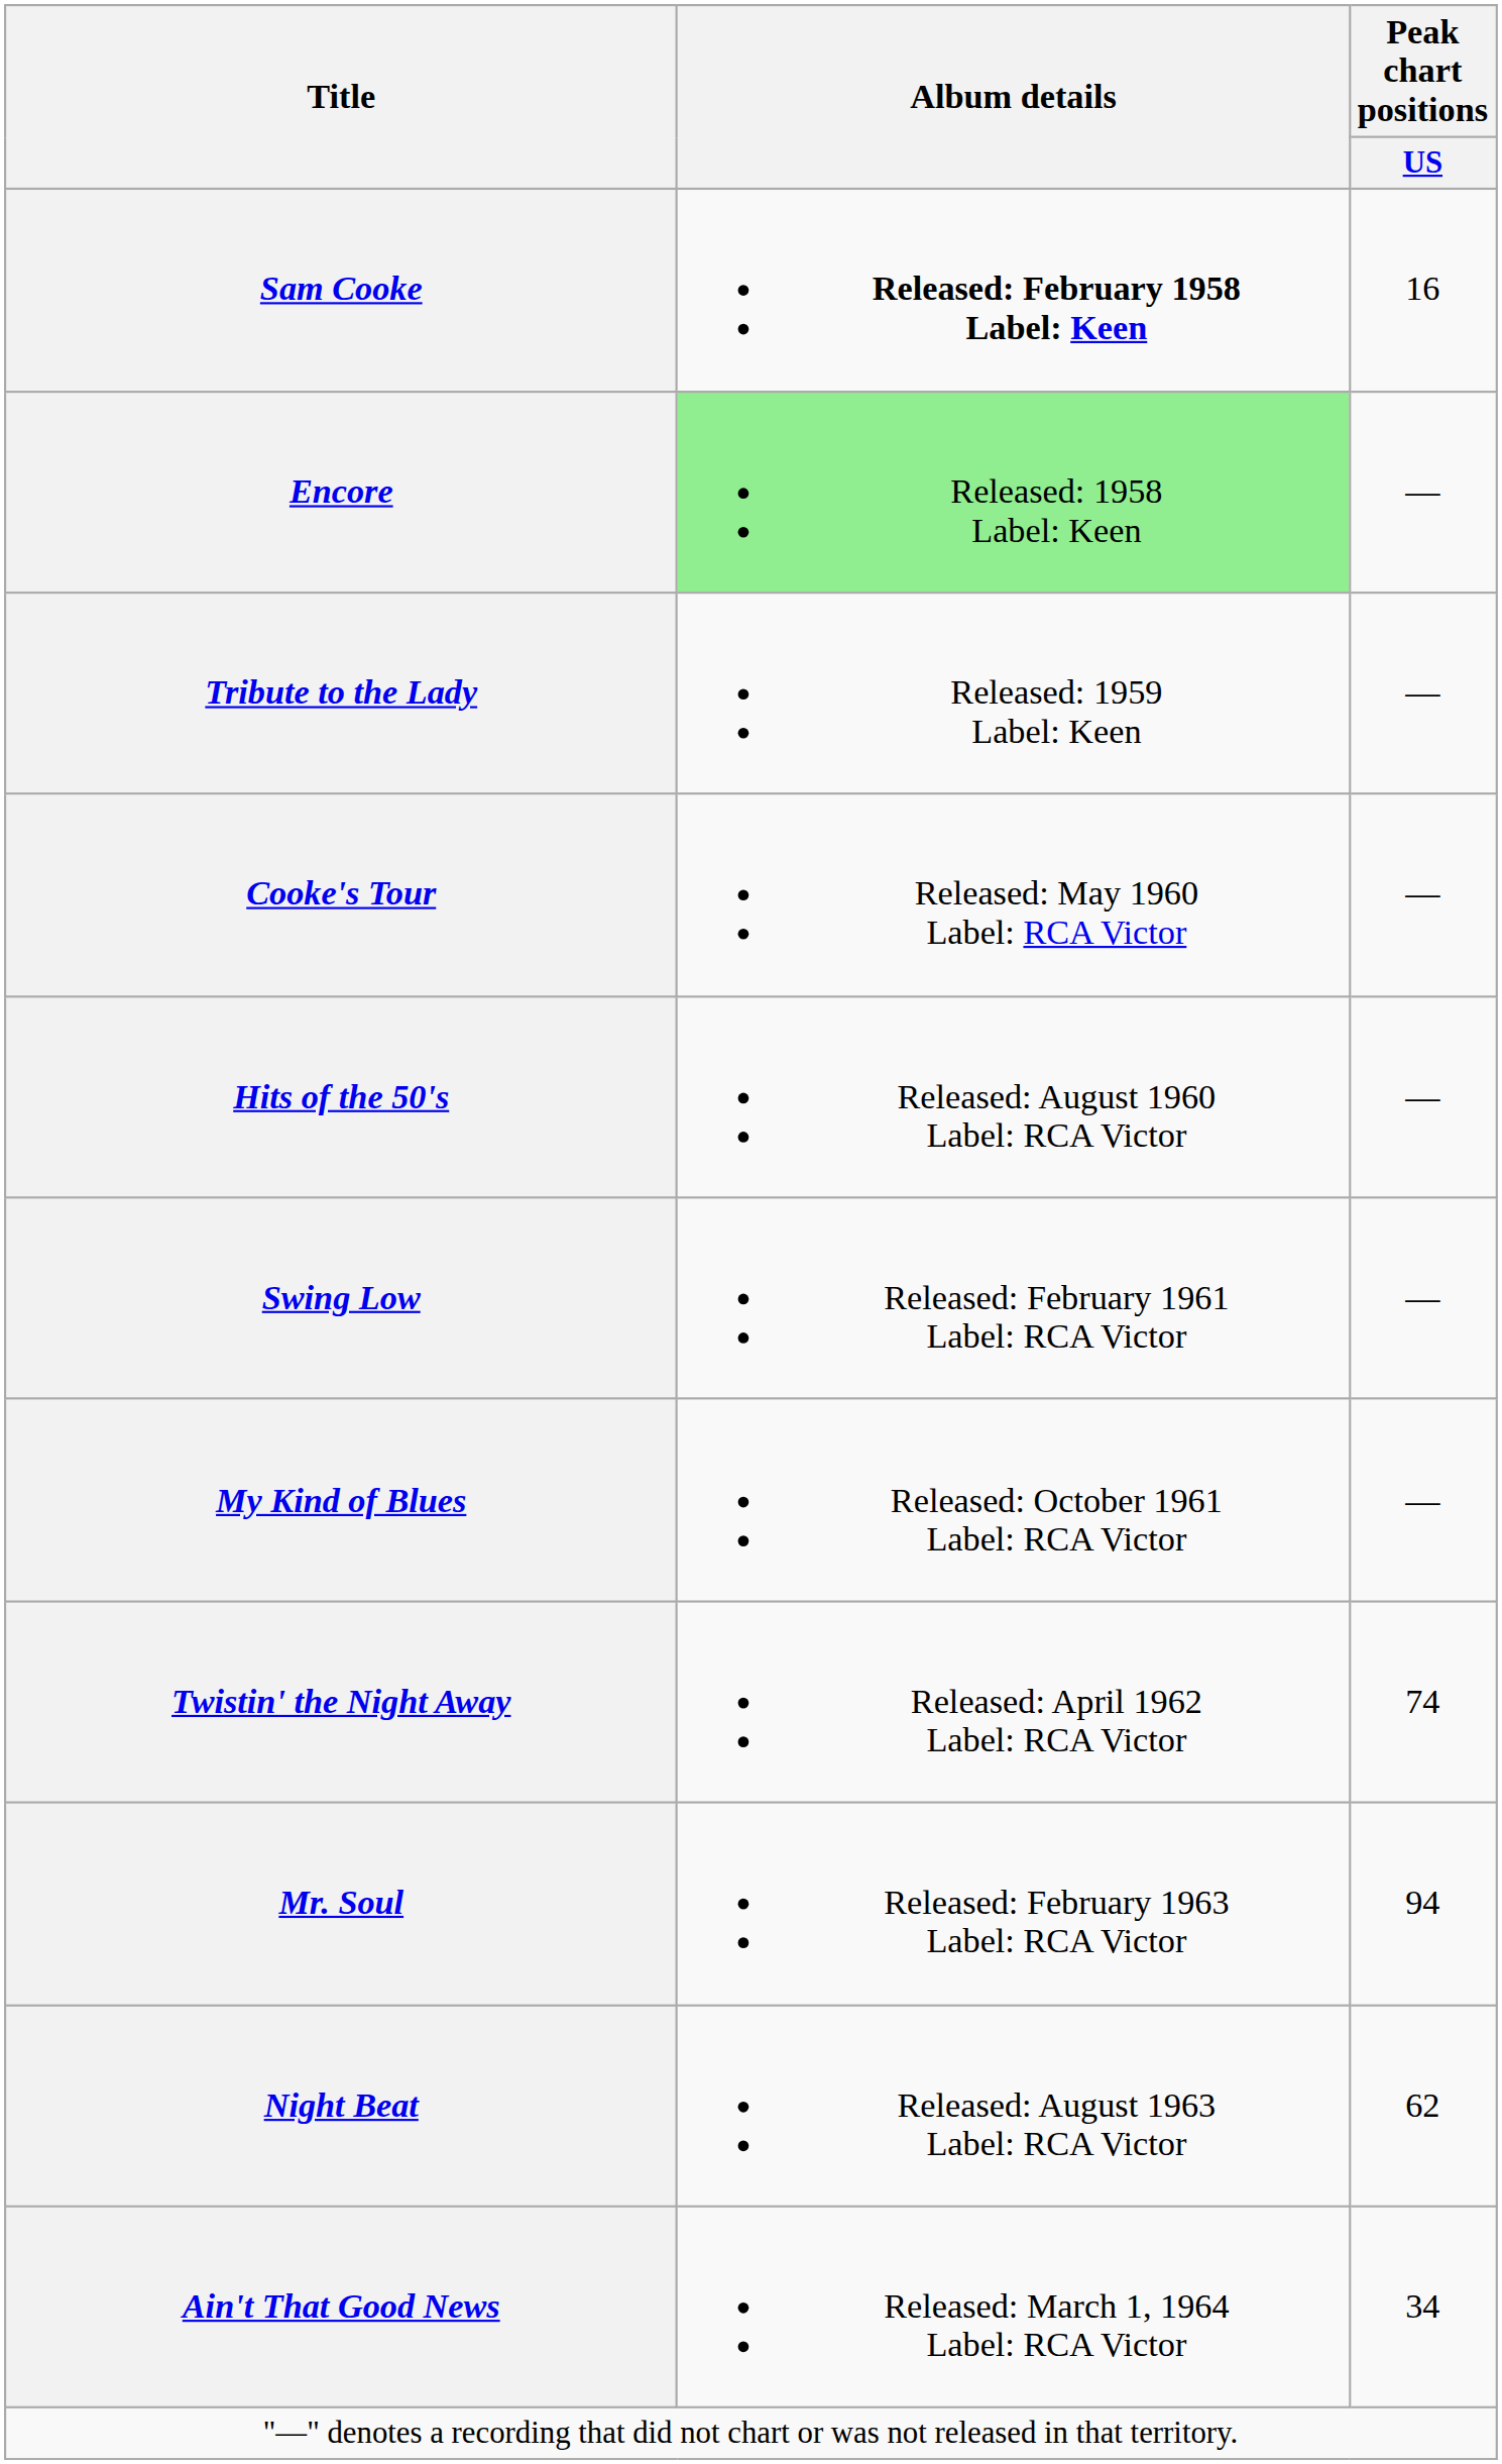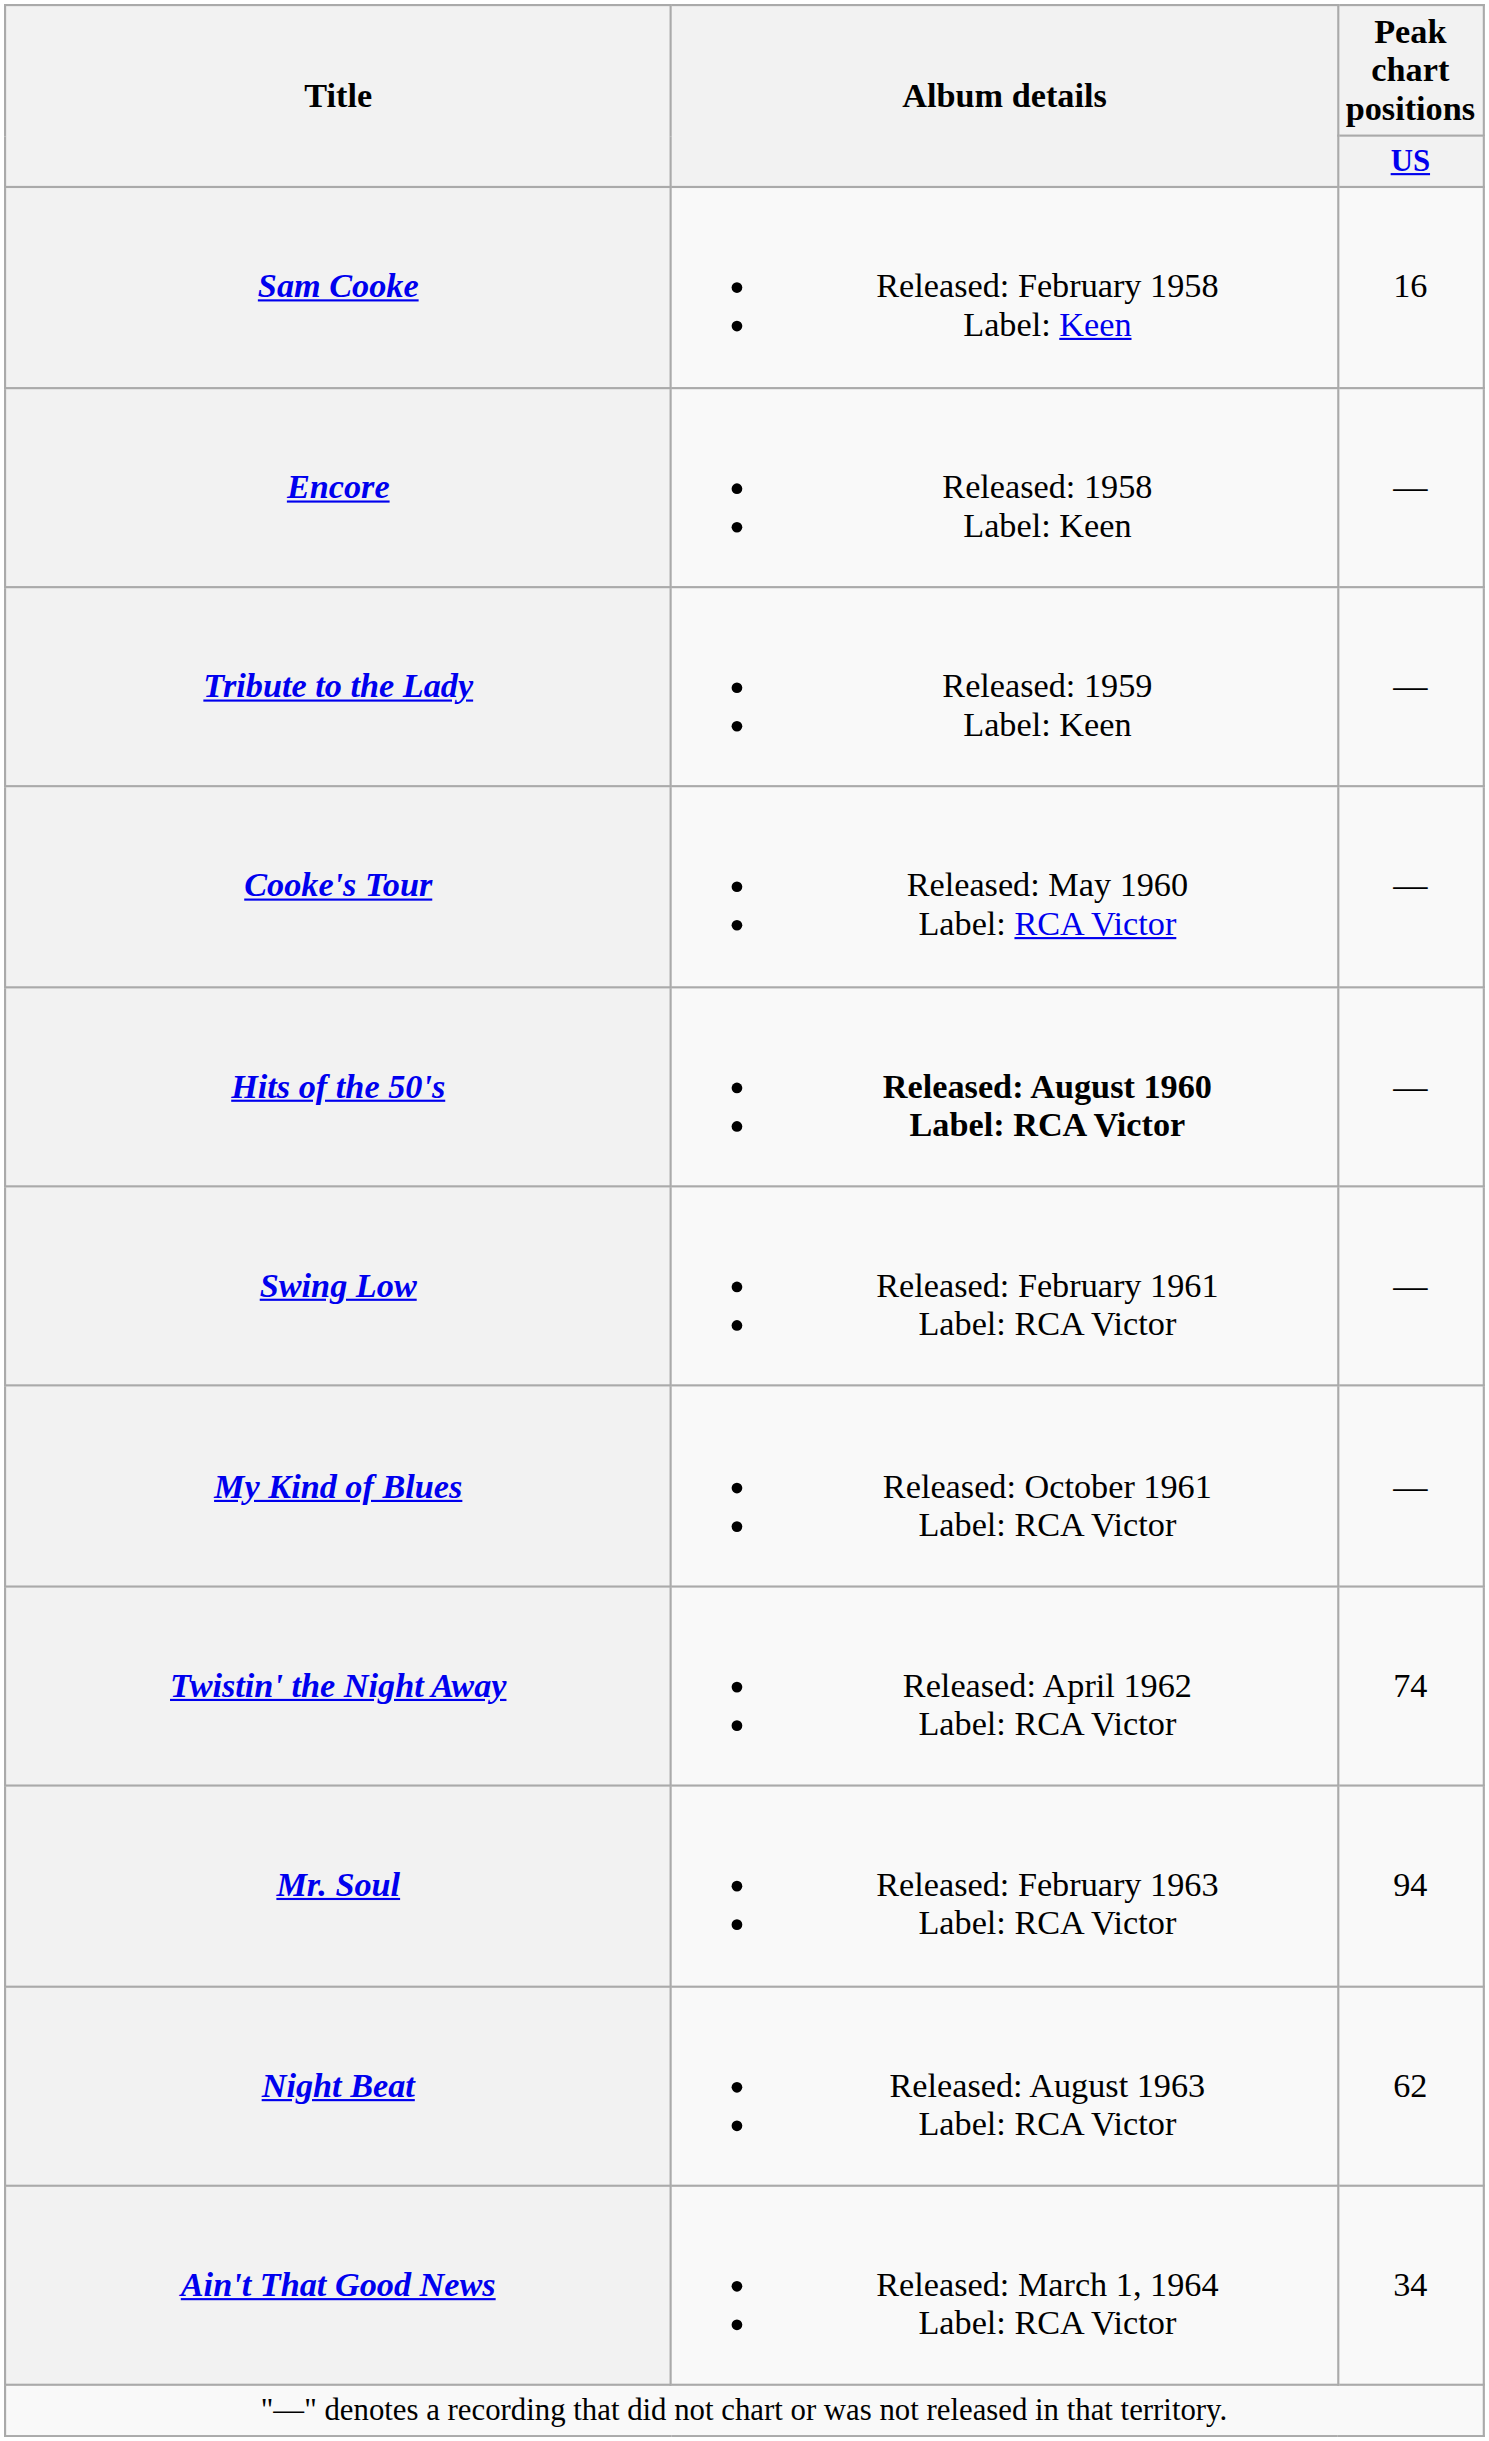 <table class="wikitable plainrowheaders" style="text-align:center;">
 <tr>
 <th scope="col" rowspan="2" style="width:19em;">Title</th>
 <th scope="col" rowspan="2" style="width:19em;">Album details</th>
 <th scope="col" colspan="1">Peak chart positions</th>
 </tr>
 <tr>
 <th scope="col" style="width:2.6em;font-size:90%;"><a href='#'>US</a><br></th>
 </tr>
 <tr>
 <th scope="row"><em><a href='#'>Sam Cooke</a></em></th>
-<td><strong><br><ul><li>Released: February 1958</li><li>Label: <a href='#'>Keen</a></li></ul></strong></td>
+<td><br><ul><li>Released: February 1958</li><li>Label: <a href='#'>Keen</a></li></ul></td>
 <td>16</td>
 </tr>
 <tr>
 <th scope="row"><em><a href='#'>Encore</a></em></th>
-<td style="background: lightgreen;"><br><ul><li>Released: 1958</li><li>Label: Keen</li></ul></td>
+<td><br><ul><li>Released: 1958</li><li>Label: Keen</li></ul></td>
 <td>—</td>
 </tr>
 <tr>
 <th scope="row"><em><a href='#'>Tribute to the Lady</a></em></th>
 <td><br><ul><li>Released: 1959</li><li>Label: Keen</li></ul></td>
 <td>—</td>
 </tr>
 <tr>
 <th scope="row"><em><a href='#'>Cooke's Tour</a></em></th>
 <td><br><ul><li>Released: May 1960</li><li>Label: <a href='#'>RCA Victor</a></li></ul></td>
 <td>—</td>
 </tr>
 <tr>
 <th scope="row"><em><a href='#'>Hits of the 50's</a></em></th>
-<td><br><ul><li>Released: August 1960</li><li>Label: RCA Victor</li></ul></td>
+<td><strong><br><ul><li>Released: August 1960</li><li>Label: RCA Victor</li></ul></strong></td>
 <td>—</td>
 </tr>
 <tr>
 <th scope="row"><em><a href='#'>Swing Low</a></em></th>
 <td><br><ul><li>Released: February 1961</li><li>Label: RCA Victor</li></ul></td>
 <td>—</td>
 </tr>
 <tr>
 <th scope="row"><em><a href='#'>My Kind of Blues</a></em></th>
 <td><br><ul><li>Released: October 1961</li><li>Label: RCA Victor</li></ul></td>
 <td>—</td>
 </tr>
 <tr>
 <th scope="row"><em><a href='#'>Twistin' the Night Away</a></em></th>
 <td><br><ul><li>Released: April 1962</li><li>Label: RCA Victor</li></ul></td>
 <td>74</td>
 </tr>
 <tr>
 <th scope="row"><em><a href='#'>Mr. Soul</a></em></th>
 <td><br><ul><li>Released: February 1963</li><li>Label: RCA Victor</li></ul></td>
 <td>94</td>
 </tr>
 <tr>
 <th scope="row"><em><a href='#'>Night Beat</a></em></th>
 <td><br><ul><li>Released: August 1963</li><li>Label: RCA Victor</li></ul></td>
 <td>62</td>
 </tr>
 <tr>
 <th scope="row"><em><a href='#'>Ain't That Good News</a></em></th>
 <td><br><ul><li>Released: March 1, 1964</li><li>Label: RCA Victor</li></ul></td>
 <td>34</td>
 </tr>
 <tr>
 <td colspan="13" style="font-size:90%">"—" denotes a recording that did not chart or was not released in that territory.</td>
 </tr>
 </table>
